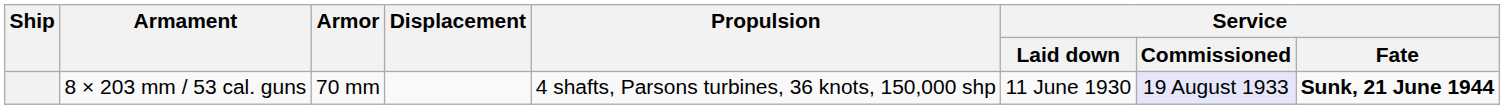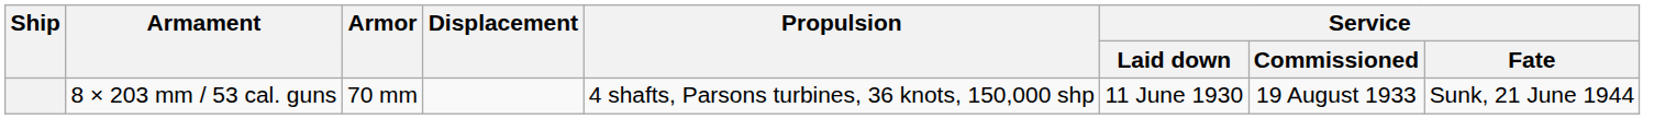 <table class="wikitable plainrowheaders" style="text-align: center;">
 <tr valign="top">
 <th scope="col" rowspan="2">Ship</th>
 <th scope="col" rowspan="2">Armament</th>
 <th scope="col" rowspan="2">Armor</th>
 <th scope="col" rowspan="2">Displacement</th>
 <th scope="col" rowspan="2">Propulsion</th>
 <th scope="col" colspan="3">Service</th>
 </tr>
 <tr valign="top">
 <th scope="col">Laid down</th>
 <th scope="col">Commissioned</th>
 <th scope="col">Fate</th>
 </tr>
 <tr valign="center">
 <th scope="row"></th>
 <td>8 × 203 mm / 53 cal. guns</td>
 <td>70 mm</td>
 <td></td>
 <td>4 shafts, Parsons turbines, 36 knots, 150,000 shp</td>
 <td>11 June 1930</td>
-<td style="background: lavender;">19 August 1933</td>
-<td><strong>Sunk, 21 June 1944</strong></td>
+<td>19 August 1933</td>
+<td>Sunk, 21 June 1944</td>
 </tr>
 </table>
